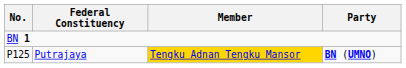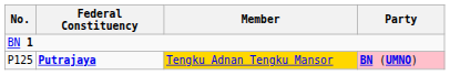 <table class="wikitable sortable">
 <tr>
 <th style="width:30px;">No.</th>
 <th style="width:150px;">Federal Constituency</th>
 <th style="width:230px;">Member</th>
 <th style="width:100px;">Party</th>
 </tr>
 <tr>
 <td colspan="4"><a href='#'>BN</a> <strong>1</strong></td>
 </tr>
 <tr>
 <td>P125</td>
-<td><a href='#'>Putrajaya</a></td>
+<td><strong><a href='#'>Putrajaya</a></strong></td>
 <td style="background: gold;"><a href='#'>Tengku Adnan Tengku Mansor</a></td>
-<td><strong><a href='#'>BN</a></strong> (<strong><a href='#'>UMNO</a></strong>)</td>
+<td style="background: pink;"><strong><a href='#'>BN</a></strong> (<strong><a href='#'>UMNO</a></strong>)</td>
 </tr>
 </table>
